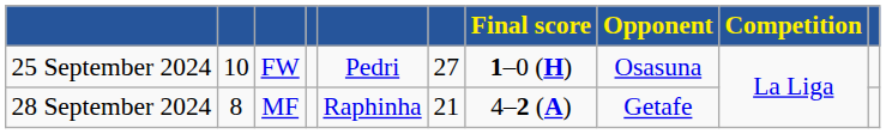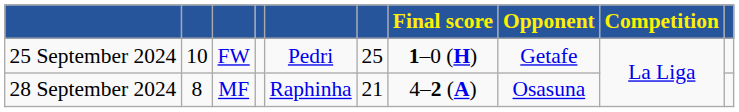 <table class="wikitable" style="text-align:center">
 <tr>
 <th style="background:#26559B;color:#FFF000;"></th>
 <th style="background:#26559B;color:#FFF000;"></th>
 <th style="background:#26559B;color:#FFF000;"></th>
 <th style="background:#26559B;color:#FFF000;"></th>
 <th style="background:#26559B;color:#FFF000;"></th>
 <th style="background:#26559B;color:#FFF000;"></th>
 <th style="background:#26559B;color:#FFF000;">Final score</th>
 <th style="background:#26559B;color:#FFF000;">Opponent</th>
 <th style="background:#26559B;color:#FFF000;">Competition</th>
 <th style="background:#26559B;color:#FFF000;"></th>
 </tr>
 <tr>
 <td>25 September 2024</td>
 <td>10</td>
 <td><a href='#'>FW</a></td>
 <td></td>
 <td><a href='#'>Pedri</a></td>
-<td>27</td>
+<td>25</td>
 <td><strong>1</strong>–0 (<a href='#'><strong>H</strong></a>)</td>
-<td><a href='#'>Osasuna</a></td>
+<td><a href='#'>Getafe</a></td>
 <td rowspan=2><a href='#'>La Liga</a></td>
 <td></td>
 </tr>
 <tr>
 <td>28 September 2024</td>
 <td>8</td>
 <td><a href='#'>MF</a></td>
 <td></td>
 <td><a href='#'>Raphinha</a></td>
 <td>21</td>
 <td>4–<strong>2</strong> (<a href='#'><strong>A</strong></a>)</td>
-<td><a href='#'>Getafe</a></td>
+<td><a href='#'>Osasuna</a></td>
 <td></td>
 </tr>
 </table>
